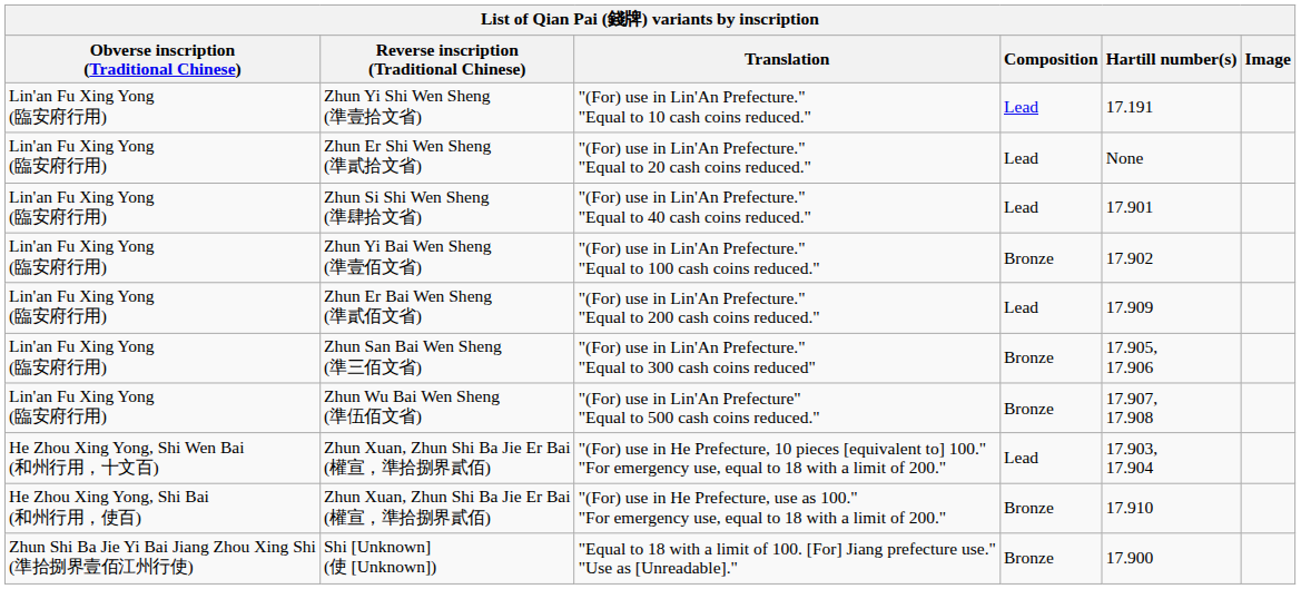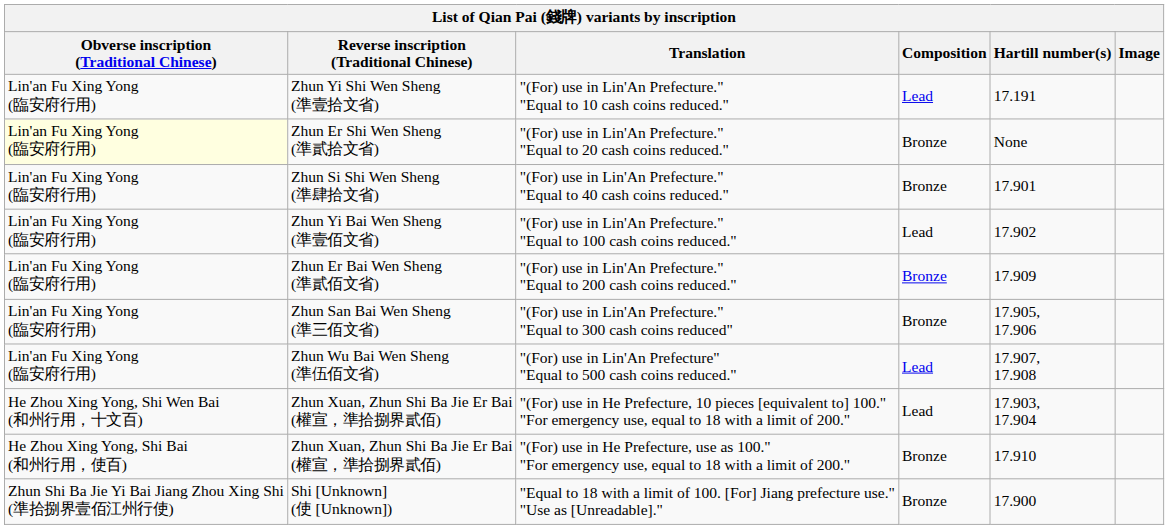 <table class="wikitable" style="font-size: 100%">
 <tr>
 <th colspan=6>List of Qian Pai (錢牌) variants by inscription</th>
 </tr>
 <tr>
 <th>Obverse inscription<br>(<a href='#'>Traditional Chinese</a>)</th>
 <th>Reverse inscription<br>(Traditional Chinese)</th>
 <th>Translation</th>
 <th>Composition</th>
 <th>Hartill number(s)</th>
 <th>Image</th>
 </tr>
 <tr>
 <td>Lin'an Fu Xing Yong<br>(臨安府行用)</td>
 <td>Zhun Yi Shi Wen Sheng<br>(準壹拾文省)</td>
 <td>"(For) use in Lin'An Prefecture."<br>"Equal to 10 cash coins reduced."</td>
 <td><a href='#'>Lead</a></td>
 <td>17.191</td>
 <td></td>
 </tr>
 <tr>
-<td>Lin'an Fu Xing Yong<br>(臨安府行用)</td>
+<td style="background: lightyellow;">Lin'an Fu Xing Yong<br>(臨安府行用)</td>
 <td>Zhun Er Shi Wen Sheng<br>(準貳拾文省)</td>
 <td>"(For) use in Lin'An Prefecture."<br>"Equal to 20 cash coins reduced."</td>
-<td>Lead</td>
+<td>Bronze</td>
 <td>None</td>
 <td></td>
 </tr>
 <tr>
 <td>Lin'an Fu Xing Yong<br>(臨安府行用)</td>
 <td>Zhun Si Shi Wen Sheng<br>(準肆拾文省)</td>
 <td>"(For) use in Lin'An Prefecture."<br>"Equal to 40 cash coins reduced."</td>
-<td>Lead</td>
+<td>Bronze</td>
 <td>17.901</td>
 <td></td>
 </tr>
 <tr>
 <td>Lin'an Fu Xing Yong<br>(臨安府行用)</td>
 <td>Zhun Yi Bai Wen Sheng<br>(準壹佰文省)</td>
 <td>"(For) use in Lin'An Prefecture."<br>"Equal to 100 cash coins reduced."</td>
-<td>Bronze</td>
+<td>Lead</td>
 <td>17.902</td>
 <td></td>
 </tr>
 <tr>
 <td>Lin'an Fu Xing Yong<br>(臨安府行用)</td>
 <td>Zhun Er Bai Wen Sheng<br>(準貳佰文省)</td>
 <td>"(For) use in Lin'An Prefecture."<br>"Equal to 200 cash coins reduced."</td>
-<td>Lead</td>
+<td><a href='#'>Bronze</a></td>
 <td>17.909</td>
 <td></td>
 </tr>
 <tr>
 <td>Lin'an Fu Xing Yong<br>(臨安府行用)</td>
 <td>Zhun San Bai Wen Sheng<br>(準三佰文省)</td>
 <td>"(For) use in Lin'An Prefecture."<br>"Equal to 300 cash coins reduced"</td>
 <td>Bronze</td>
 <td>17.905,<br>17.906</td>
 <td></td>
 </tr>
 <tr>
 <td>Lin'an Fu Xing Yong<br>(臨安府行用)</td>
 <td>Zhun Wu Bai Wen Sheng<br>(準伍佰文省)</td>
 <td>"(For) use in Lin'An Prefecture"<br>"Equal to 500 cash coins reduced."</td>
-<td>Bronze</td>
+<td><a href='#'>Lead</a></td>
 <td>17.907,<br>17.908</td>
 <td></td>
 </tr>
 <tr>
 <td>He Zhou Xing Yong, Shi Wen Bai<br>(和州行用，十文百)</td>
 <td>Zhun Xuan, Zhun Shi Ba Jie Er Bai<br>(權宣，準拾捌界貳佰)</td>
 <td>"(For) use in He Prefecture, 10 pieces [equivalent to] 100."<br>"For emergency use, equal to 18 with a limit of 200."</td>
 <td>Lead</td>
 <td>17.903,<br>17.904</td>
 <td></td>
 </tr>
 <tr>
 <td>He Zhou Xing Yong, Shi Bai<br>(和州行用，使百)</td>
 <td>Zhun Xuan, Zhun Shi Ba Jie Er Bai<br>(權宣，準拾捌界貳佰)</td>
 <td>"(For) use in He Prefecture, use as 100."<br>"For emergency use, equal to 18 with a limit of 200."</td>
 <td>Bronze</td>
 <td>17.910</td>
 <td></td>
 </tr>
 <tr>
 <td>Zhun Shi Ba Jie Yi Bai Jiang Zhou Xing Shi<br>(準拾捌界壹佰江州行使)</td>
 <td>Shi [Unknown]<br>(使 [Unknown])</td>
 <td>"Equal to 18 with a limit of 100. [For] Jiang prefecture use."<br>"Use as [Unreadable]."</td>
 <td>Bronze</td>
 <td>17.900</td>
 <td></td>
 </tr>
 </table>
